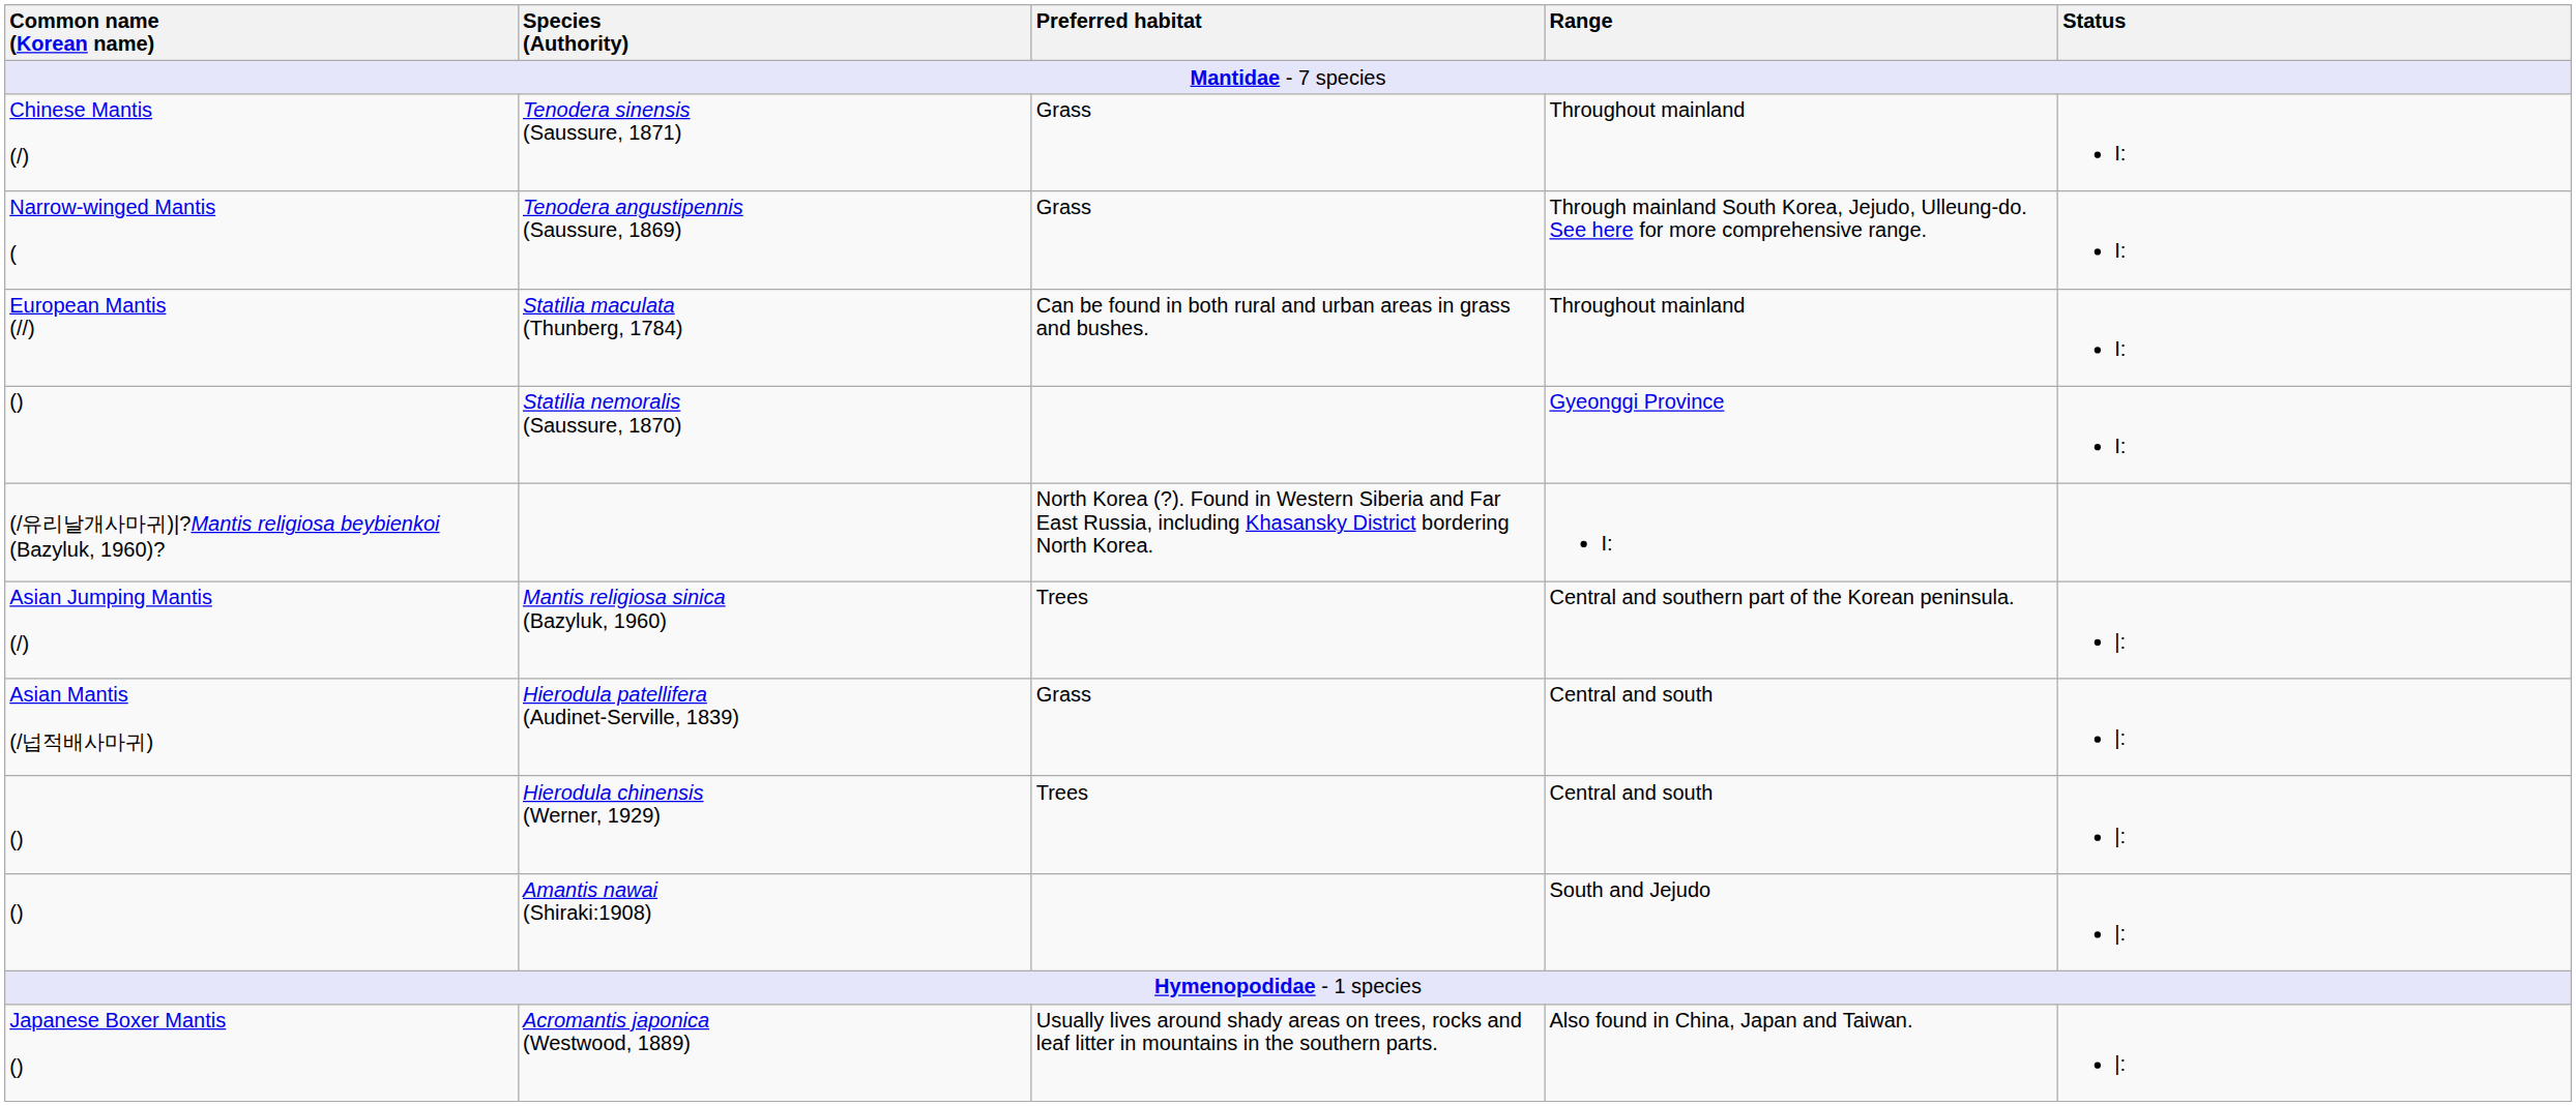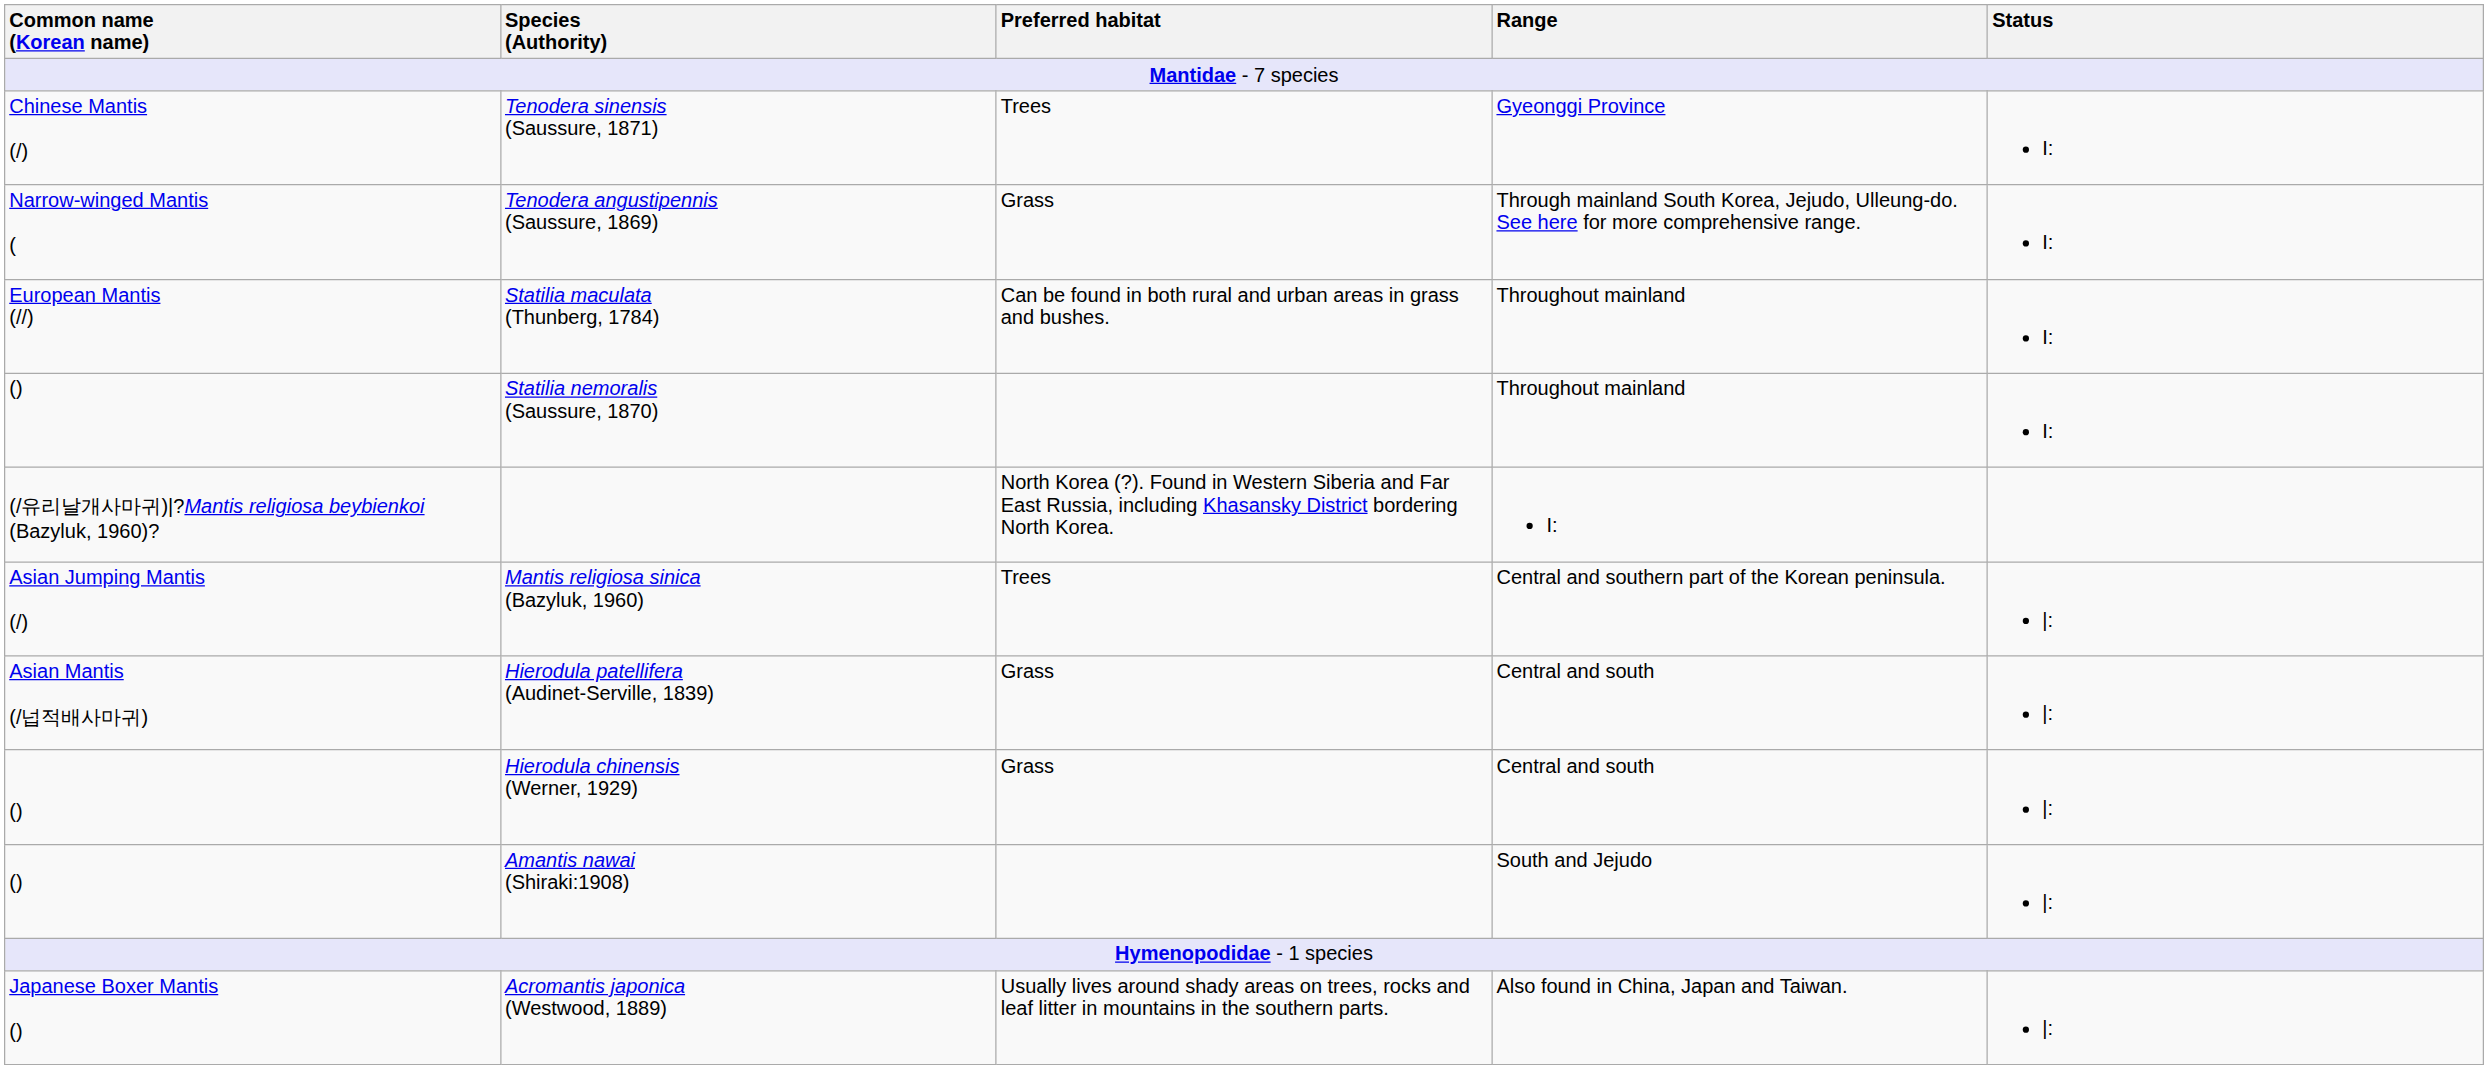 <table width=100% class="wikitable">
 <tr valign="top" bgcolor="">
 <th width=20% style="text-align:left">Common name<br>(<a href='#'>Korean</a> name)</th>
 <th width=20% style="text-align:left">Species<br>(Authority)</th>
 <th width=20% style="text-align:left">Preferred habitat</th>
 <th width=20% style="text-align:left">Range</th>
 <th width=20% style="text-align:left">Status</th>
 </tr>
 <tr>
 <td colspan=5 style="background:lavender;text-align:center;"><strong><a href='#'>Mantidae</a></strong> - 7 species</td>
 </tr>
 <tr valign="top">
 <td><a href='#'>Chinese Mantis</a><br> <br> (/)</td>
 <td><em><a href='#'>Tenodera sinensis</a></em><br>(Saussure, 1871)</td>
-<td>Grass</td>
-<td>Throughout mainland</td>
+<td>Trees</td>
+<td><a href='#'>Gyeonggi Province</a></td>
 <td><br><ul><li>I:</li></ul></td>
 </tr>
 <tr valign="top">
 <td><a href='#'>Narrow-winged Mantis</a><br> <br> (</td>
 <td><em><a href='#'>Tenodera angustipennis</a></em><br>(Saussure, 1869)</td>
 <td>Grass</td>
 <td>Through mainland South Korea, Jejudo, Ulleung-do. <a href='#'>See here</a> for more comprehensive range.</td>
 <td><br><ul><li>I:</li></ul></td>
 </tr>
 <tr valign="top">
 <td><a href='#'>European Mantis</a><br>(//)</td>
 <td><em><a href='#'>Statilia maculata</a></em><br>(Thunberg, 1784)</td>
 <td>Can be found in both rural and urban areas in grass and bushes.</td>
 <td>Throughout mainland</td>
 <td><br><ul><li>I:</li></ul></td>
 </tr>
 <tr valign="top">
 <td>()</td>
 <td><em><a href='#'>Statilia nemoralis</a></em><br>(Saussure, 1870)</td>
 <td></td>
-<td><a href='#'>Gyeonggi Province</a></td>
+<td>Throughout mainland</td>
 <td><br><ul><li>I:</li></ul></td>
 </tr>
 <tr valign="top">
 <td><br>(/유리날개사마귀)|?<em><a href='#'>Mantis religiosa beybienkoi</a></em> (Bazyluk, 1960)?</td>
 <td></td>
 <td>North Korea (?).  Found in Western Siberia and Far East Russia, including <a href='#'>Khasansky District</a> bordering North Korea.</td>
 <td><br><ul><li>I:</li></ul></td>
 </tr>
 <tr valign="top">
 <td><a href='#'>Asian Jumping Mantis</a><br> <br> (/)</td>
 <td><em><a href='#'>Mantis religiosa sinica</a></em><br>(Bazyluk, 1960)</td>
 <td>Trees</td>
 <td>Central and southern part of the Korean peninsula.</td>
 <td><br><ul><li>|:</li></ul></td>
 </tr>
 <tr valign="top">
 <td><a href='#'>Asian Mantis</a><br> <br> (/넙적배사마귀)</td>
 <td><em><a href='#'>Hierodula patellifera</a></em><br>(Audinet-Serville, 1839)</td>
 <td>Grass</td>
 <td>Central and south</td>
 <td><br><ul><li>|:</li></ul></td>
 </tr>
 <tr valign="top">
 <td><br><br> ()</td>
 <td><em><a href='#'>Hierodula chinensis</a></em><br>(Werner, 1929)</td>
-<td>Trees</td>
+<td>Grass</td>
 <td>Central and south</td>
 <td><br><ul><li>|:</li></ul></td>
 </tr>
 <tr valign="top">
 <td><br>()</td>
 <td><em><a href='#'>Amantis nawai</a></em><br>(Shiraki:1908)</td>
 <td></td>
 <td>South and Jejudo</td>
 <td><br><ul><li>|:</li></ul></td>
 </tr>
 <tr>
 <td colspan=5 style="background:lavender;text-align:center;"><strong><a href='#'>Hymenopodidae</a></strong> - 1 species</td>
 </tr>
 <tr valign="top">
 <td><a href='#'>Japanese Boxer Mantis</a><br> <br> ()</td>
 <td><em><a href='#'>Acromantis japonica</a></em><br>(Westwood, 1889)</td>
 <td>Usually lives around shady areas on trees, rocks and leaf litter in mountains in the southern parts.</td>
 <td>Also found in China, Japan and Taiwan.</td>
 <td><br><ul><li>|:</li></ul></td>
 </tr>
 </table>
